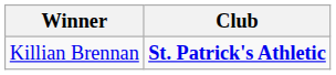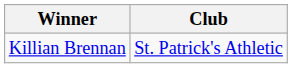 <table class="wikitable">
 <tr>
 <th>Winner</th>
 <th>Club</th>
 </tr>
 <tr>
 <td><a href='#'>Killian Brennan</a></td>
-<td><strong><a href='#'>St. Patrick's Athletic</a></strong></td>
+<td><a href='#'>St. Patrick's Athletic</a></td>
 </tr>
 </table>
